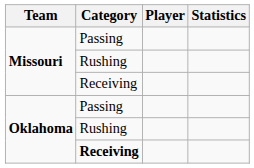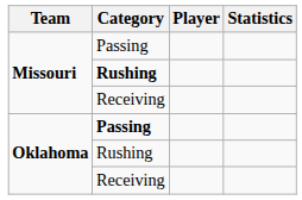 <table class="wikitable" style="float: right;">
 <tr>
 <th>Team</th>
 <th>Category</th>
 <th>Player</th>
 <th>Statistics</th>
 </tr>
 <tr>
 <td rowspan=3><strong>Missouri</strong></td>
 <td>Passing</td>
 <td></td>
 <td></td>
 </tr>
 <tr>
-<td>Rushing</td>
+<td><strong>Rushing</strong></td>
 <td></td>
 <td></td>
 </tr>
 <tr>
 <td>Receiving</td>
 <td></td>
 <td></td>
 </tr>
 <tr>
 <td rowspan=3><strong>Oklahoma</strong></td>
-<td>Passing</td>
+<td><strong>Passing</strong></td>
 <td></td>
 <td></td>
 </tr>
 <tr>
 <td>Rushing</td>
 <td></td>
 <td></td>
 </tr>
 <tr>
-<td><strong>Receiving</strong></td>
+<td>Receiving</td>
 <td></td>
 <td></td>
 </tr>
 </table>
